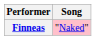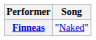 <table class="wikitable unsortable" style="text-align:center;">
 <tr>
 <th scope="col">Performer</th>
 <th scope="col">Song</th>
 </tr>
 <tr>
 <th scope="row"><a href='#'>Finneas</a></th>
-<td style="background: pink;">"<a href='#'>Naked</a>"</td>
+<td>"<a href='#'>Naked</a>"</td>
 </tr>
 </table>
